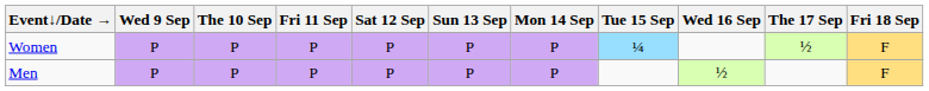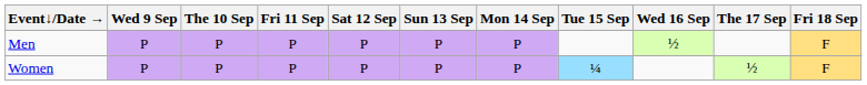 <table class="wikitable" style="margin:0.5em auto; font-size:90%; line-height:1.25em;">
 <tr style="text-align:center;">
 <th>Event↓/Date →</th>
 <th>Wed 9 Sep</th>
 <th>The 10 Sep</th>
 <th>Fri 11 Sep</th>
 <th>Sat 12 Sep</th>
 <th>Sun 13 Sep</th>
 <th>Mon 14 Sep</th>
 <th>Tue 15 Sep</th>
 <th>Wed 16 Sep</th>
 <th>The 17 Sep</th>
 <th>Fri 18 Sep</th>
 </tr>
 <tr>
 </tr>
 <tr style="text-align:center;">
+<td style="text-align:left;"><a href='#'>Men</a></td>
+<td style="background-color:#D0A9F5;">P</td>
+<td style="background-color:#D0A9F5;">P</td>
+<td style="background-color:#D0A9F5;">P</td>
+<td style="background-color:#D0A9F5;">P</td>
+<td style="background-color:#D0A9F5;">P</td>
+<td style="background-color:#D0A9F5;">P</td>
+<td></td>
+<td style="background-color:#D9FFB2;">½</td>
+<td></td>
+<td style="background-color:#FFDF80;">F</td>
+</tr>
+<tr>
+</tr>
+<tr style="text-align:center;">
 <td style="text-align:left;"><a href='#'>Women</a></td>
 <td style="background-color:#D0A9F5;">P</td>
 <td style="background-color:#D0A9F5;">P</td>
 <td style="background-color:#D0A9F5;">P</td>
 <td style="background-color:#D0A9F5;">P</td>
 <td style="background-color:#D0A9F5;">P</td>
 <td style="background-color:#D0A9F5;">P</td>
 <td style="background-color:#97DEFF;">¼</td>
 <td></td>
 <td style="background-color:#D9FFB2;">½</td>
 <td style="background-color:#FFDF80;">F</td>
 </tr>
-<tr>
-</tr>
-<tr style="text-align:center;">
-<td style="text-align:left;"><a href='#'>Men</a></td>
-<td style="background-color:#D0A9F5;">P</td>
-<td style="background-color:#D0A9F5;">P</td>
-<td style="background-color:#D0A9F5;">P</td>
-<td style="background-color:#D0A9F5;">P</td>
-<td style="background-color:#D0A9F5;">P</td>
-<td style="background-color:#D0A9F5;">P</td>
-<td></td>
-<td style="background-color:#D9FFB2;">½</td>
-<td></td>
-<td style="background-color:#FFDF80;">F</td>
-</tr>
 </table>
